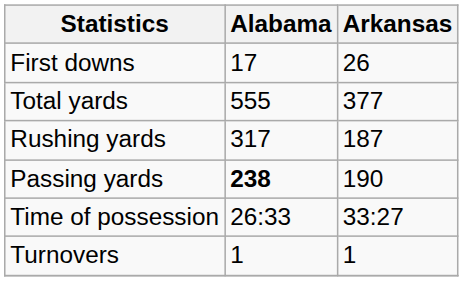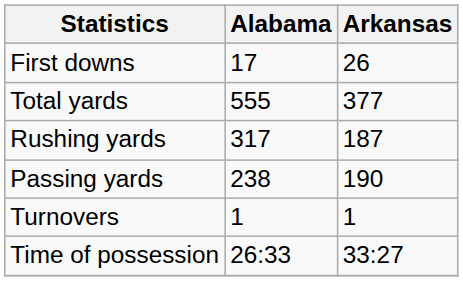 <table class="wikitable" style="float: left;">
 <tr>
 <th>Statistics</th>
 <th>Alabama</th>
 <th>Arkansas</th>
 </tr>
 <tr>
 <td>First downs</td>
 <td>17</td>
 <td>26</td>
 </tr>
 <tr>
 <td>Total yards</td>
 <td>555</td>
 <td>377</td>
 </tr>
 <tr>
 <td>Rushing yards</td>
 <td>317</td>
 <td>187</td>
 </tr>
 <tr>
 <td>Passing yards</td>
-<td><strong>238</strong></td>
+<td>238</td>
 <td>190</td>
+</tr>
+<tr>
+<td>Turnovers</td>
+<td>1</td>
+<td>1</td>
 </tr>
 <tr>
 <td>Time of possession</td>
 <td>26:33</td>
 <td>33:27</td>
 </tr>
 <tr>
-<td>Turnovers</td>
-<td>1</td>
-<td>1</td>
-</tr>
-<tr>
 </tr>
 </table>
